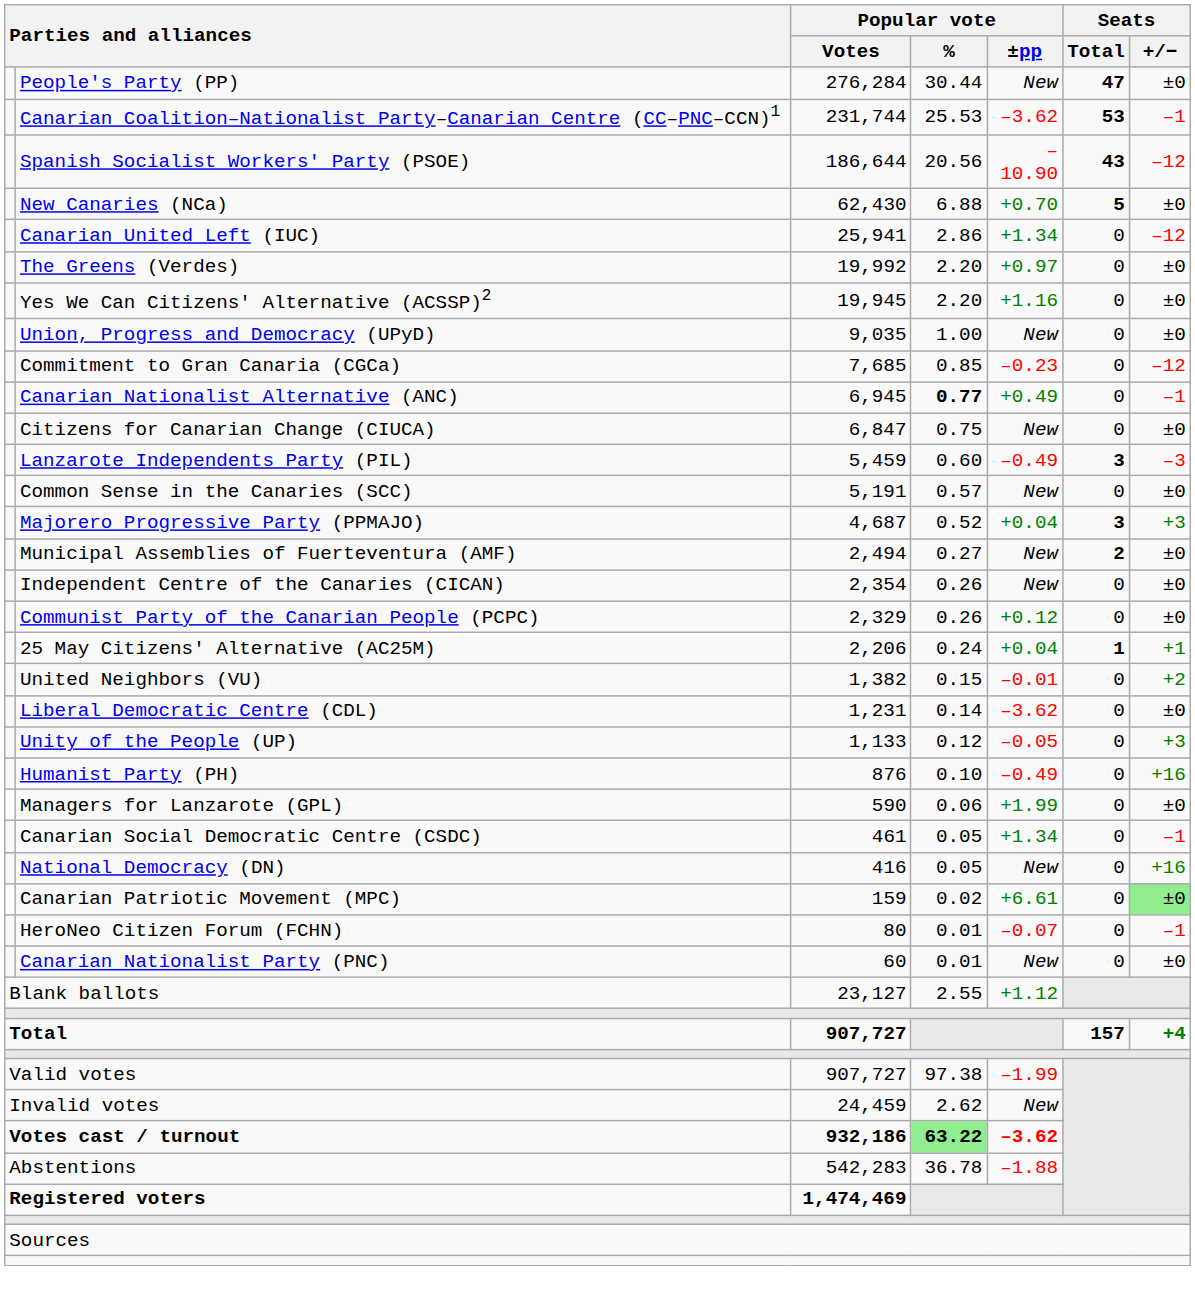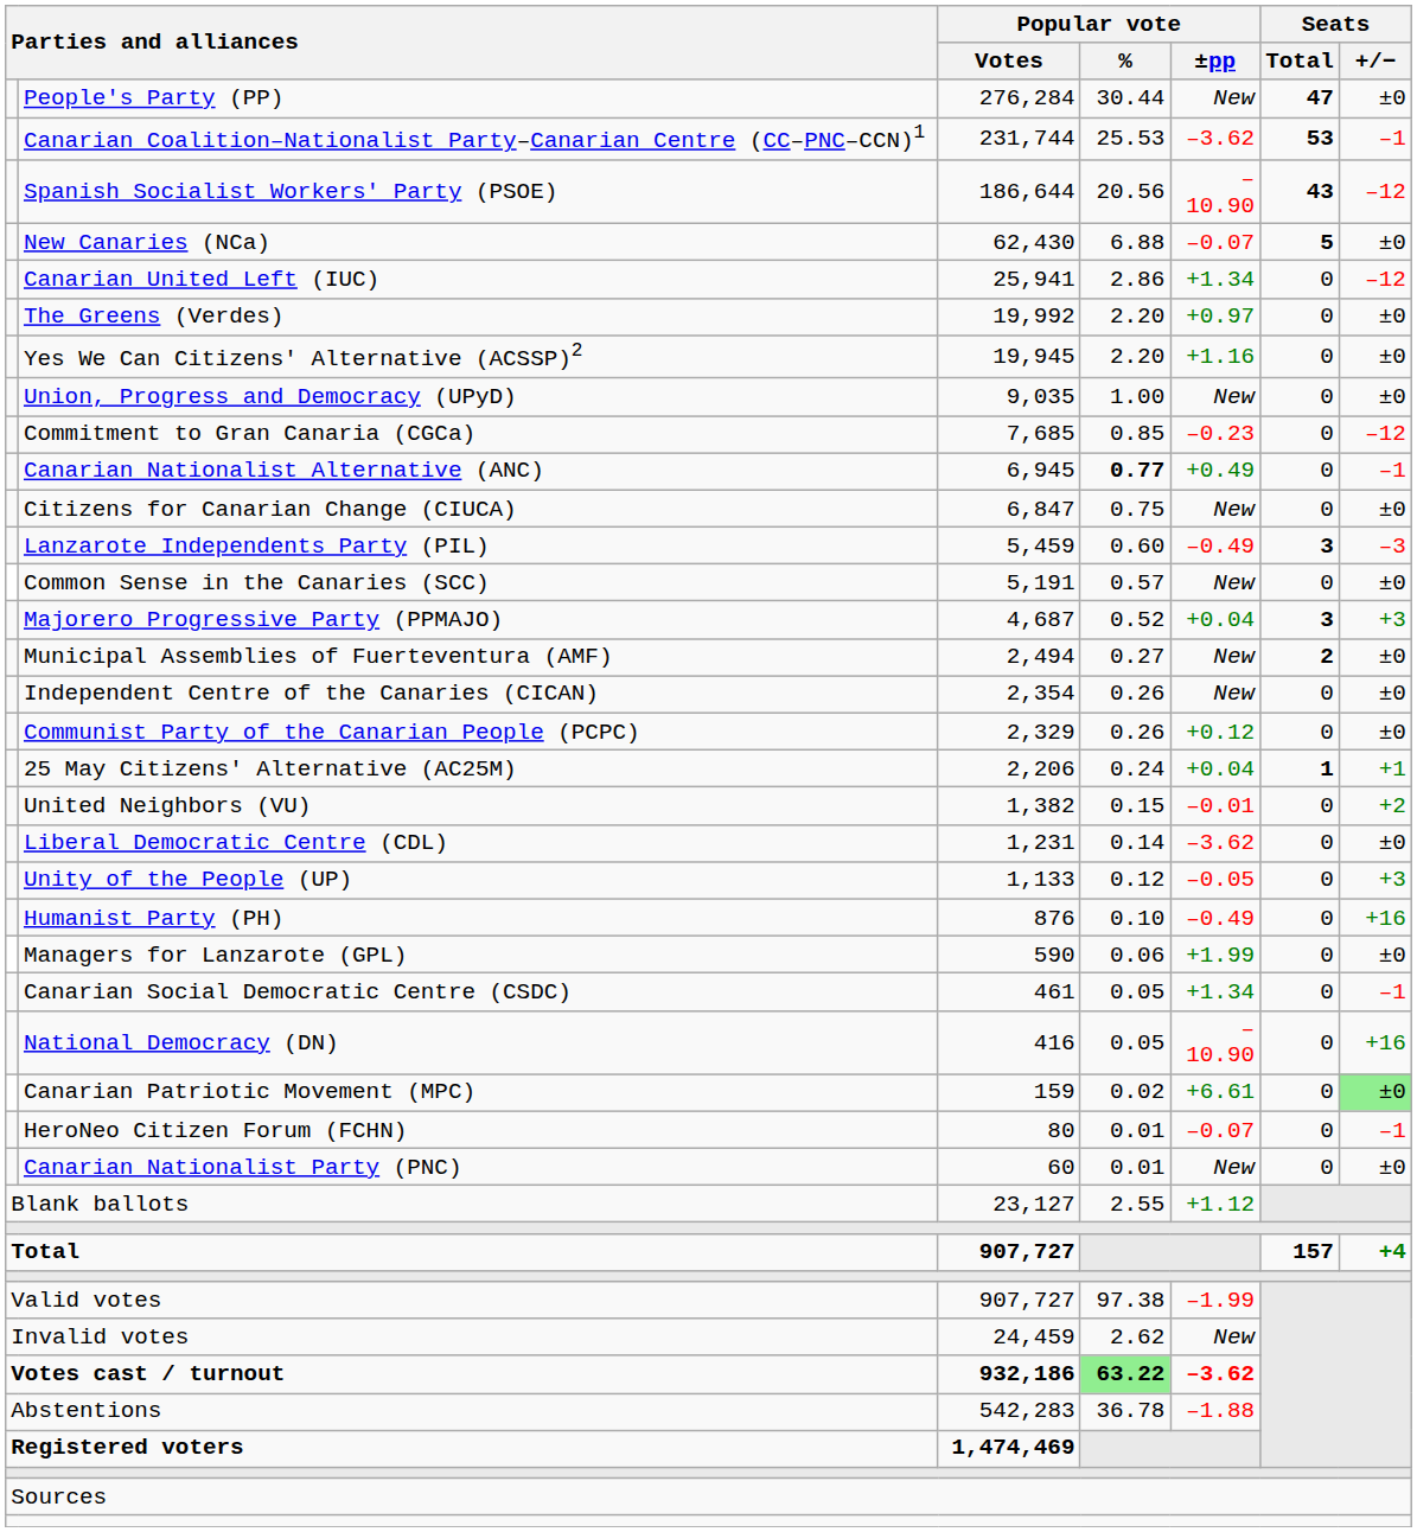 <table class="wikitable" style="text-align:right;">
 <tr>
 <th style="text-align:left;" rowspan="2" colspan="2" width="525">Parties and alliances</th>
 <th colspan="3">Popular vote</th>
 <th colspan="2">Seats</th>
 </tr>
 <tr>
 <th width="75">Votes</th>
 <th width="45">%</th>
 <th width="45">±<a href='#'>pp</a></th>
 <th width="35">Total</th>
 <th width="35">+/−</th>
 </tr>
 <tr>
 <td width="1" style="color:inherit;background:"></td>
 <td align="left"><a href='#'>People's Party</a> (PP)</td>
 <td>276,284</td>
 <td>30.44</td>
 <td><em>New</em></td>
 <td><strong>47</strong></td>
 <td>±0</td>
 </tr>
 <tr>
 <td style="color:inherit;background:"></td>
 <td align="left"><a href='#'>Canarian Coalition–Nationalist Party</a>–<a href='#'>Canarian Centre</a> (<a href='#'>CC</a>–<a href='#'>PNC</a>–CCN)<sup>1</sup></td>
 <td>231,744</td>
 <td>25.53</td>
 <td style="color:red;">–3.62</td>
 <td><strong>53</strong></td>
 <td style="color:red;">–1</td>
 </tr>
 <tr>
 <td style="color:inherit;background:"></td>
 <td align="left"><a href='#'>Spanish Socialist Workers' Party</a> (PSOE)</td>
 <td>186,644</td>
 <td>20.56</td>
 <td style="color:red;">–10.90</td>
 <td><strong>43</strong></td>
 <td style="color:red;">–12</td>
 </tr>
 <tr>
 <td style="color:inherit;background:"></td>
 <td align="left"><a href='#'>New Canaries</a> (NCa)</td>
 <td>62,430</td>
 <td>6.88</td>
-<td style="color:green;">+0.70</td>
+<td style="color:red;">–0.07</td>
 <td><strong>5</strong></td>
 <td>±0</td>
 </tr>
 <tr>
 <td style="color:inherit;background:"></td>
 <td align="left"><a href='#'>Canarian United Left</a> (IUC)</td>
 <td>25,941</td>
 <td>2.86</td>
 <td style="color:green;">+1.34</td>
 <td>0</td>
 <td style="color:red;">–12</td>
 </tr>
 <tr>
 <td style="color:inherit;background:"></td>
 <td align="left"><a href='#'>The Greens</a> (Verdes)</td>
 <td>19,992</td>
 <td>2.20</td>
 <td style="color:green;">+0.97</td>
 <td>0</td>
 <td>±0</td>
 </tr>
 <tr>
 <td style="color:inherit;background:"></td>
 <td align="left">Yes We Can Citizens' Alternative (ACSSP)<sup>2</sup></td>
 <td>19,945</td>
 <td>2.20</td>
 <td style="color:green;">+1.16</td>
 <td>0</td>
 <td>±0</td>
 </tr>
 <tr>
 <td style="color:inherit;background:"></td>
 <td align="left"><a href='#'>Union, Progress and Democracy</a> (UPyD)</td>
 <td>9,035</td>
 <td>1.00</td>
 <td><em>New</em></td>
 <td>0</td>
 <td>±0</td>
 </tr>
 <tr>
 <td style="color:inherit;background:"></td>
 <td align="left">Commitment to Gran Canaria (CGCa)</td>
 <td>7,685</td>
 <td>0.85</td>
 <td style="color:red;">–0.23</td>
 <td>0</td>
 <td style="color:red;">–12</td>
 </tr>
 <tr>
 <td style="color:inherit;background:"></td>
 <td align="left"><a href='#'>Canarian Nationalist Alternative</a> (ANC)</td>
 <td>6,945</td>
 <td><strong>0.77</strong></td>
 <td style="color:green;">+0.49</td>
 <td>0</td>
 <td style="color:red;">–1</td>
 </tr>
 <tr>
 <td style="color:inherit;background:"></td>
 <td align="left">Citizens for Canarian Change (CIUCA)</td>
 <td>6,847</td>
 <td>0.75</td>
 <td><em>New</em></td>
 <td>0</td>
 <td>±0</td>
 </tr>
 <tr>
 <td style="color:inherit;background:"></td>
 <td align="left"><a href='#'>Lanzarote Independents Party</a> (PIL)</td>
 <td>5,459</td>
 <td>0.60</td>
 <td style="color:red;">–0.49</td>
 <td><strong>3</strong></td>
 <td style="color:red;">–3</td>
 </tr>
 <tr>
 <td bgcolor="white"></td>
 <td align="left">Common Sense in the Canaries (SCC)</td>
 <td>5,191</td>
 <td>0.57</td>
 <td><em>New</em></td>
 <td>0</td>
 <td>±0</td>
 </tr>
 <tr>
 <td style="color:inherit;background:"></td>
 <td align="left"><a href='#'>Majorero Progressive Party</a> (PPMAJO)</td>
 <td>4,687</td>
 <td>0.52</td>
 <td style="color:green;">+0.04</td>
 <td><strong>3</strong></td>
 <td style="color:green;">+3</td>
 </tr>
 <tr>
 <td style="color:inherit;background:"></td>
 <td align="left">Municipal Assemblies of Fuerteventura (AMF)</td>
 <td>2,494</td>
 <td>0.27</td>
 <td><em>New</em></td>
 <td><strong>2</strong></td>
 <td>±0</td>
 </tr>
 <tr>
 <td style="color:inherit;background:"></td>
 <td align="left">Independent Centre of the Canaries (CICAN)</td>
 <td>2,354</td>
 <td>0.26</td>
 <td><em>New</em></td>
 <td>0</td>
 <td>±0</td>
 </tr>
 <tr>
 <td style="color:inherit;background:"></td>
 <td align="left"><a href='#'>Communist Party of the Canarian People</a> (PCPC)</td>
 <td>2,329</td>
 <td>0.26</td>
 <td style="color:green;">+0.12</td>
 <td>0</td>
 <td>±0</td>
 </tr>
 <tr>
 <td style="color:inherit;background:"></td>
 <td align="left">25 May Citizens' Alternative (AC25M)</td>
 <td>2,206</td>
 <td>0.24</td>
 <td style="color:green;">+0.04</td>
 <td><strong>1</strong></td>
 <td style="color:green;">+1</td>
 </tr>
 <tr>
 <td style="color:inherit;background:"></td>
 <td align="left">United Neighbors (VU)</td>
 <td>1,382</td>
 <td>0.15</td>
 <td style="color:red;">–0.01</td>
 <td>0</td>
 <td style="color:green;">+2</td>
 </tr>
 <tr>
 <td style="color:inherit;background:"></td>
 <td align="left"><a href='#'>Liberal Democratic Centre</a> (CDL)</td>
 <td>1,231</td>
 <td>0.14</td>
 <td style="color:red;">–3.62</td>
 <td>0</td>
 <td>±0</td>
 </tr>
 <tr>
 <td style="color:inherit;background:"></td>
 <td align="left"><a href='#'>Unity of the People</a> (UP)</td>
 <td>1,133</td>
 <td>0.12</td>
 <td style="color:red;">–0.05</td>
 <td>0</td>
 <td style="color:green;">+3</td>
 </tr>
 <tr>
 <td style="color:inherit;background:"></td>
 <td align="left"><a href='#'>Humanist Party</a> (PH)</td>
 <td>876</td>
 <td>0.10</td>
 <td style="color:red;">–0.49</td>
 <td>0</td>
 <td style="color:green;">+16</td>
 </tr>
 <tr>
 <td bgcolor="white"></td>
 <td align="left">Managers for Lanzarote (GPL)</td>
 <td>590</td>
 <td>0.06</td>
 <td style="color:green;">+1.99</td>
 <td>0</td>
 <td>±0</td>
 </tr>
 <tr>
 <td style="color:inherit;background:"></td>
 <td align="left">Canarian Social Democratic Centre (CSDC)</td>
 <td>461</td>
 <td>0.05</td>
 <td style="color:green;">+1.34</td>
 <td>0</td>
 <td style="color:red;">–1</td>
 </tr>
 <tr>
 <td style="color:inherit;background:"></td>
 <td align="left"><a href='#'>National Democracy</a> (DN)</td>
 <td>416</td>
 <td>0.05</td>
-<td><em>New</em></td>
+<td style="color:red;">–10.90</td>
 <td>0</td>
 <td style="color:green;">+16</td>
 </tr>
 <tr>
 <td bgcolor="white"></td>
 <td align="left">Canarian Patriotic Movement (MPC)</td>
 <td>159</td>
 <td>0.02</td>
 <td style="color:green;">+6.61</td>
 <td>0</td>
 <td style="background: lightgreen;">±0</td>
 </tr>
 <tr>
 <td style="color:inherit;background:"></td>
 <td align="left">HeroNeo Citizen Forum (FCHN)</td>
 <td>80</td>
 <td>0.01</td>
 <td style="color:red;">–0.07</td>
 <td>0</td>
 <td style="color:red;">–1</td>
 </tr>
 <tr>
 <td style="color:inherit;background:"></td>
 <td align="left"><a href='#'>Canarian Nationalist Party</a> (PNC)</td>
 <td>60</td>
 <td>0.01</td>
 <td><em>New</em></td>
 <td>0</td>
 <td>±0</td>
 </tr>
 <tr>
 <td align="left" colspan="2">Blank ballots</td>
 <td>23,127</td>
 <td>2.55</td>
 <td style="color:green;">+1.12</td>
 <td bgcolor="#E9E9E9" colspan="2"></td>
 </tr>
 <tr>
 <td colspan="7" bgcolor="#E9E9E9"></td>
 </tr>
 <tr style="font-weight:bold;">
 <td align="left" colspan="2">Total</td>
 <td>907,727</td>
 <td bgcolor="#E9E9E9" colspan="2"></td>
 <td>157</td>
 <td style="color:green;">+4</td>
 </tr>
 <tr>
 <td colspan="7" bgcolor="#E9E9E9"></td>
 </tr>
 <tr>
 <td align="left" colspan="2">Valid votes</td>
 <td>907,727</td>
 <td>97.38</td>
 <td style="color:red;">–1.99</td>
 <td bgcolor="#E9E9E9" colspan="2" rowspan="5"></td>
 </tr>
 <tr>
 <td align="left" colspan="2">Invalid votes</td>
 <td>24,459</td>
 <td>2.62</td>
 <td><em>New</em></td>
 </tr>
 <tr style="font-weight:bold;">
 <td align="left" colspan="2">Votes cast / turnout</td>
 <td>932,186</td>
 <td style="background: lightgreen;">63.22</td>
 <td style="color:red;">–3.62</td>
 </tr>
 <tr>
 <td align="left" colspan="2">Abstentions</td>
 <td>542,283</td>
 <td>36.78</td>
 <td style="color:red;">–1.88</td>
 </tr>
 <tr style="font-weight:bold;">
 <td align="left" colspan="2">Registered voters</td>
 <td>1,474,469</td>
 <td bgcolor="#E9E9E9" colspan="2"></td>
 </tr>
 <tr>
 <td colspan="7" bgcolor="#E9E9E9"></td>
 </tr>
 <tr>
 <td align="left" colspan="7">Sources</td>
 </tr>
 <tr>
 <td colspan="7" style="text-align:left; max-width:790px;"></td>
 </tr>
 </table>
